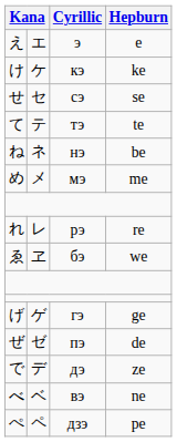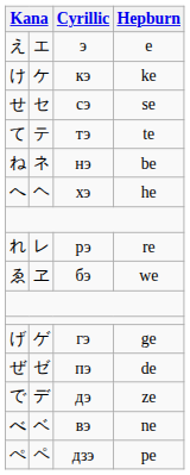 <table class="wikitable" style="text-align:center; display:inline-table;">
 <tr>
 <th colspan="2"><a href='#'>Kana</a></th>
 <th><a href='#'>Cyrillic</a></th>
 <th><a href='#'>Hepburn</a></th>
 </tr>
 <tr>
 <td>え</td>
 <td>エ</td>
 <td>э</td>
 <td>e</td>
 </tr>
 <tr>
 <td>け</td>
 <td>ケ</td>
 <td>кэ</td>
 <td>ke</td>
 </tr>
 <tr>
 <td>せ</td>
 <td>セ</td>
 <td>сэ</td>
 <td>se</td>
 </tr>
 <tr>
 <td>て</td>
 <td>テ</td>
 <td>тэ</td>
 <td>te</td>
 </tr>
 <tr>
 <td>ね</td>
 <td>ネ</td>
 <td>нэ</td>
 <td>be</td>
 </tr>
 <tr>
-<td>め</td>
-<td>メ</td>
-<td>мэ</td>
-<td>me</td>
+<td>へ</td>
+<td>ヘ</td>
+<td>хэ</td>
+<td>he</td>
 </tr>
 <tr>
 <td colspan="4"> </td>
 </tr>
 <tr>
 <td>れ</td>
 <td>レ</td>
 <td>рэ</td>
 <td>re</td>
 </tr>
 <tr>
 <td>ゑ</td>
 <td>ヱ</td>
 <td>бэ</td>
 <td>we</td>
 </tr>
 <tr>
 <td colspan="4"> </td>
 </tr>
 <tr>
 <td colspan="4"></td>
 </tr>
 <tr>
 <td>げ</td>
 <td>ゲ</td>
 <td>гэ</td>
 <td>ge</td>
 </tr>
 <tr>
 <td>ぜ</td>
 <td>ゼ</td>
 <td>пэ</td>
 <td>de</td>
 </tr>
 <tr>
 <td>で</td>
 <td>デ</td>
 <td>дэ</td>
 <td>ze</td>
 </tr>
 <tr>
 <td>べ</td>
 <td>ベ</td>
 <td>вэ</td>
 <td>ne</td>
 </tr>
 <tr>
 <td>ぺ</td>
 <td>ペ</td>
 <td>дзэ</td>
 <td>pe</td>
 </tr>
 </table>
